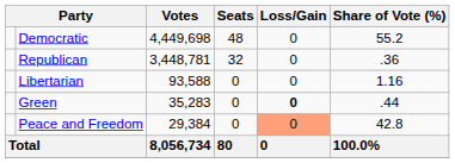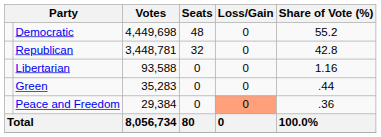 <table class="wikitable">
 <tr>
 <th colspan=2>Party</th>
 <th>Votes</th>
 <th>Seats</th>
 <th>Loss/Gain</th>
 <th>Share of Vote (%)</th>
 </tr>
 <tr>
 <td style="background-color:"> </td>
 <td><a href='#'>Democratic</a></td>
 <td align="right">4,449,698</td>
 <td align="center">48</td>
 <td align="center">0</td>
 <td align="center">55.2</td>
 </tr>
 <tr>
 <td style="background-color:"> </td>
 <td><a href='#'>Republican</a></td>
 <td align="right">3,448,781</td>
 <td align="center">32</td>
 <td align="center">0</td>
-<td align="center">.36</td>
+<td align="center">42.8</td>
 </tr>
 <tr>
 <td style="background-color:"> </td>
 <td><a href='#'>Libertarian</a></td>
 <td align="right">93,588</td>
 <td align="center">0</td>
 <td align="center">0</td>
 <td align="center">1.16</td>
 </tr>
 <tr>
 <td style="background-color:"> </td>
 <td><a href='#'>Green</a></td>
 <td align="right">35,283</td>
 <td align="center">0</td>
-<td align="center"><strong>0</strong></td>
+<td align="center">0</td>
 <td align="center">.44</td>
 </tr>
 <tr>
 <td style="background-color:"> </td>
 <td><a href='#'>Peace and Freedom</a></td>
 <td align="right">29,384</td>
 <td align="center">0</td>
 <td align="center" style="background: lightsalmon;">0</td>
-<td align="center">42.8</td>
+<td align="center">.36</td>
 </tr>
 <tr>
 <td style="background-color: #f2f2f2; text-align: left; font-weight: bold" colspan="2">Total</td>
 <td style="background-color: #f2f2f2; font-weight: bold">8,056,734</td>
 <td style="background-color: #f2f2f2; font-weight: bold">80</td>
 <td style="background-color: #f2f2f2; font-weight: bold">0</td>
 <td style="background-color: #f2f2f2; font-weight: bold">100.0%</td>
 </tr>
 <tr>
 </tr>
 </table>
